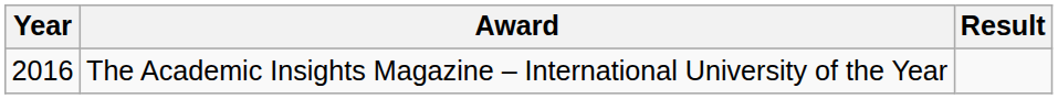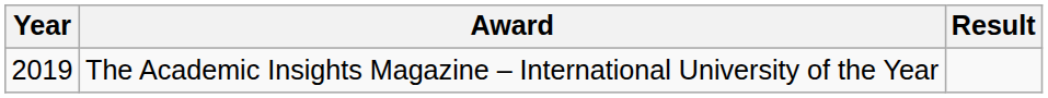 <table class="wikitable sortable">
 <tr>
 <th>Year</th>
 <th>Award</th>
 <th>Result</th>
 </tr>
 <tr>
-<td>2016</td>
+<td>2019</td>
 <td>The Academic Insights Magazine – International University of the Year</td>
 <td></td>
 </tr>
 </table>
